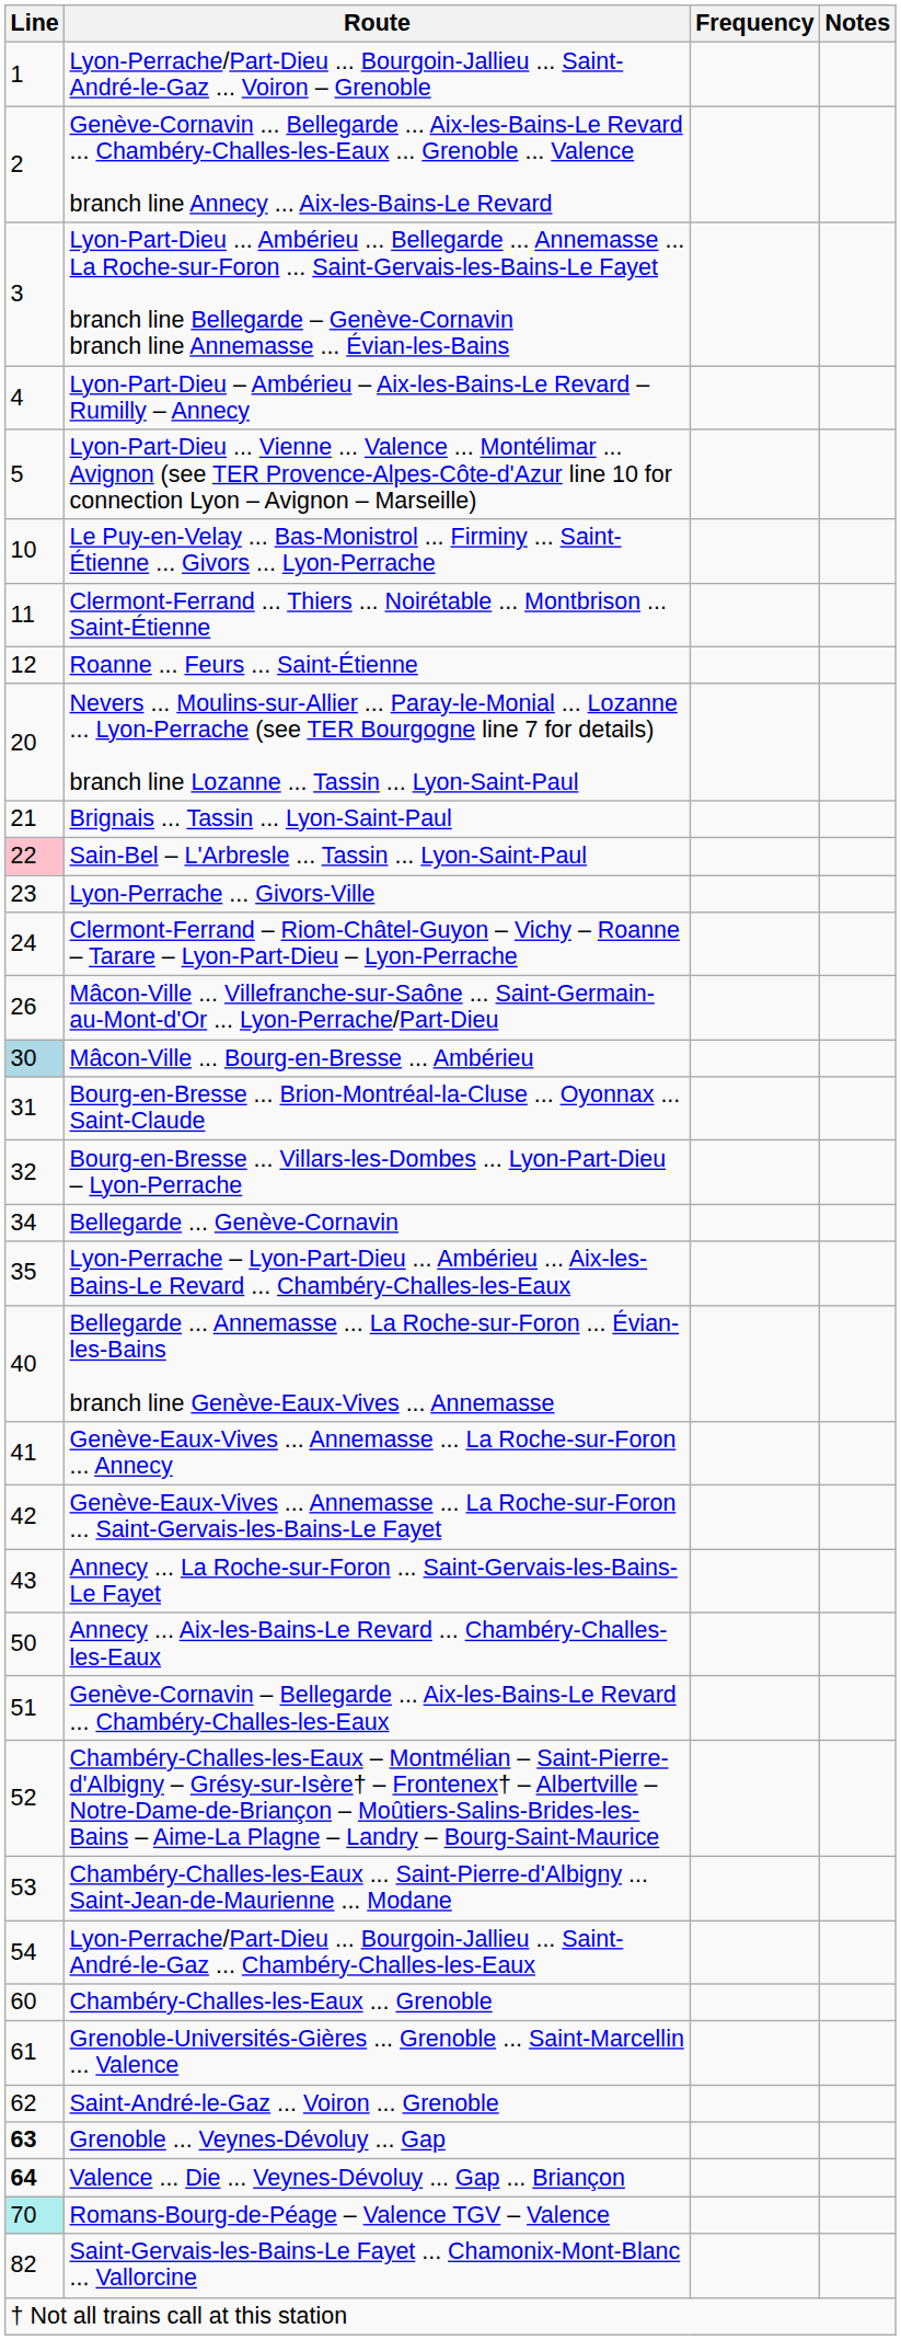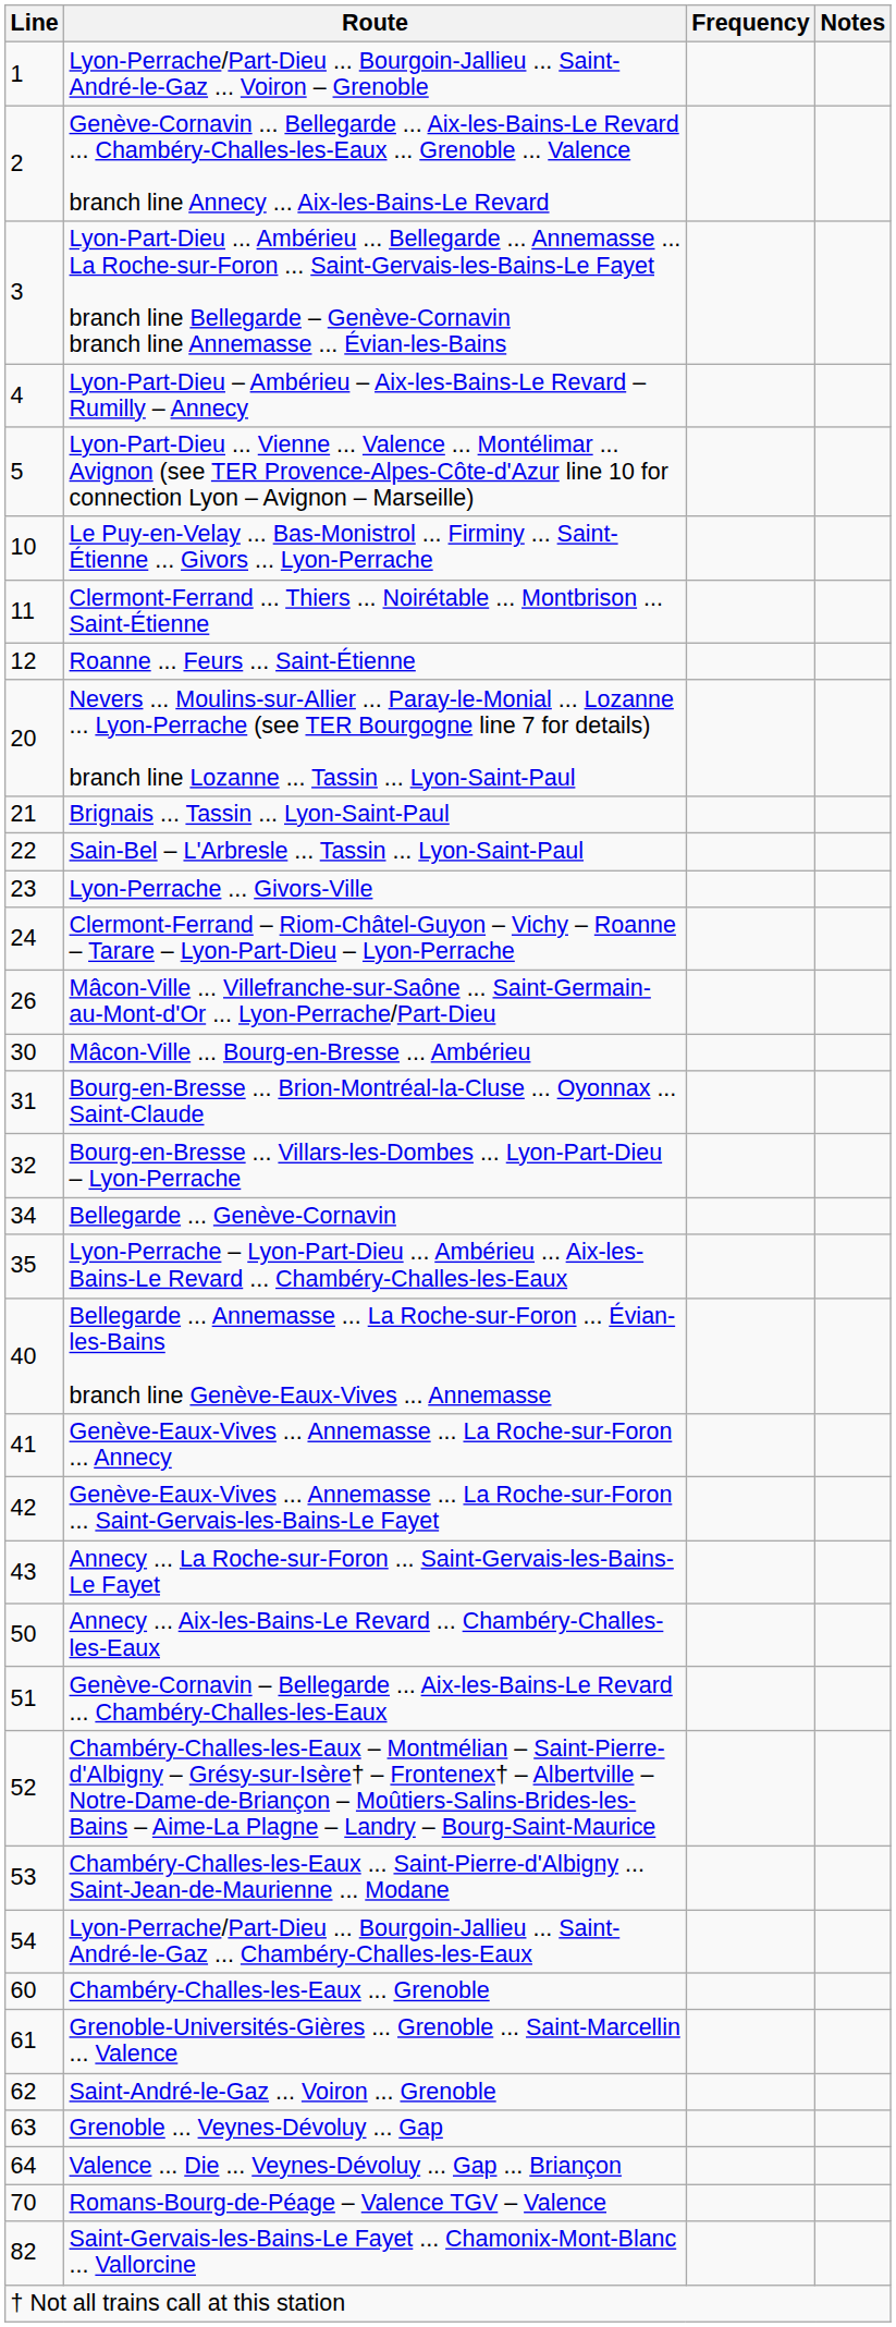 <table class="wikitable vatop">
 <tr>
 <th>Line</th>
 <th>Route</th>
 <th>Frequency</th>
 <th>Notes</th>
 </tr>
 <tr>
 <td>1</td>
 <td><a href='#'>Lyon-Perrache</a>/<a href='#'>Part-Dieu</a> ... <a href='#'>Bourgoin-Jallieu</a> ... <a href='#'>Saint-André-le-Gaz</a> ... <a href='#'>Voiron</a> – <a href='#'>Grenoble</a></td>
 <td></td>
 <td></td>
 </tr>
 <tr>
 <td>2</td>
 <td><a href='#'>Genève-Cornavin</a> ... <a href='#'>Bellegarde</a> ... <a href='#'>Aix-les-Bains-Le Revard</a> ... <a href='#'>Chambéry-Challes-les-Eaux</a> ... <a href='#'>Grenoble</a> ... <a href='#'>Valence</a><br><br>branch line <a href='#'>Annecy</a> ... <a href='#'>Aix-les-Bains-Le Revard</a></td>
 <td></td>
 <td></td>
 </tr>
 <tr>
 <td>3</td>
 <td><a href='#'>Lyon-Part-Dieu</a> ... <a href='#'>Ambérieu</a> ... <a href='#'>Bellegarde</a> ... <a href='#'>Annemasse</a> ... <a href='#'>La Roche-sur-Foron</a> ... <a href='#'>Saint-Gervais-les-Bains-Le Fayet</a><br><br>branch line <a href='#'>Bellegarde</a> – <a href='#'>Genève-Cornavin</a><br> branch line <a href='#'>Annemasse</a> ... <a href='#'>Évian-les-Bains</a></td>
 <td></td>
 <td></td>
 </tr>
 <tr>
 <td>4</td>
 <td><a href='#'>Lyon-Part-Dieu</a> – <a href='#'>Ambérieu</a> – <a href='#'>Aix-les-Bains-Le Revard</a> – <a href='#'>Rumilly</a> – <a href='#'>Annecy</a></td>
 <td></td>
 <td></td>
 </tr>
 <tr>
 <td>5</td>
 <td><a href='#'>Lyon-Part-Dieu</a> ... <a href='#'>Vienne</a> ... <a href='#'>Valence</a> ... <a href='#'>Montélimar</a> ... <a href='#'>Avignon</a> (see <a href='#'>TER Provence-Alpes-Côte-d'Azur</a> line 10 for connection Lyon – Avignon – Marseille)</td>
 <td></td>
 <td></td>
 </tr>
 <tr>
 <td>10</td>
 <td><a href='#'>Le Puy-en-Velay</a> ... <a href='#'>Bas-Monistrol</a> ... <a href='#'>Firminy</a> ... <a href='#'>Saint-Étienne</a> ... <a href='#'>Givors</a> ... <a href='#'>Lyon-Perrache</a></td>
 <td></td>
 <td></td>
 </tr>
 <tr>
 <td>11</td>
 <td><a href='#'>Clermont-Ferrand</a> ... <a href='#'>Thiers</a> ... <a href='#'>Noirétable</a> ... <a href='#'>Montbrison</a> ... <a href='#'>Saint-Étienne</a></td>
 <td></td>
 <td></td>
 </tr>
 <tr>
 <td>12</td>
 <td><a href='#'>Roanne</a> ... <a href='#'>Feurs</a> ... <a href='#'>Saint-Étienne</a></td>
 <td></td>
 <td></td>
 </tr>
 <tr>
 <td>20</td>
 <td><a href='#'>Nevers</a> ... <a href='#'>Moulins-sur-Allier</a> ... <a href='#'>Paray-le-Monial</a> ... <a href='#'>Lozanne</a> ... <a href='#'>Lyon-Perrache</a> (see <a href='#'>TER Bourgogne</a> line 7 for details)<br><br>branch line <a href='#'>Lozanne</a> ... <a href='#'>Tassin</a> ... <a href='#'>Lyon-Saint-Paul</a></td>
 <td></td>
 <td></td>
 </tr>
 <tr>
 <td>21</td>
 <td><a href='#'>Brignais</a> ... <a href='#'>Tassin</a> ... <a href='#'>Lyon-Saint-Paul</a></td>
 <td></td>
 <td></td>
 </tr>
 <tr>
-<td style="background: pink;">22</td>
+<td>22</td>
 <td><a href='#'>Sain-Bel</a> – <a href='#'>L'Arbresle</a> ... <a href='#'>Tassin</a> ... <a href='#'>Lyon-Saint-Paul</a></td>
 <td></td>
 <td></td>
 </tr>
 <tr>
 <td>23</td>
 <td><a href='#'>Lyon-Perrache</a> ... <a href='#'>Givors-Ville</a></td>
 <td></td>
 <td></td>
 </tr>
 <tr>
 <td>24</td>
 <td><a href='#'>Clermont-Ferrand</a> – <a href='#'>Riom-Châtel-Guyon</a> – <a href='#'>Vichy</a> – <a href='#'>Roanne</a> – <a href='#'>Tarare</a> – <a href='#'>Lyon-Part-Dieu</a> – <a href='#'>Lyon-Perrache</a></td>
 <td></td>
 <td></td>
 </tr>
 <tr>
 <td>26</td>
 <td><a href='#'>Mâcon-Ville</a> ... <a href='#'>Villefranche-sur-Saône</a> ... <a href='#'>Saint-Germain-au-Mont-d'Or</a> ... <a href='#'>Lyon-Perrache</a>/<a href='#'>Part-Dieu</a></td>
 <td></td>
 <td></td>
 </tr>
 <tr>
-<td style="background: lightblue;">30</td>
+<td>30</td>
 <td><a href='#'>Mâcon-Ville</a> ... <a href='#'>Bourg-en-Bresse</a> ... <a href='#'>Ambérieu</a></td>
 <td></td>
 <td></td>
 </tr>
 <tr>
 <td>31</td>
 <td><a href='#'>Bourg-en-Bresse</a> ... <a href='#'>Brion-Montréal-la-Cluse</a> ... <a href='#'>Oyonnax</a> ... <a href='#'>Saint-Claude</a></td>
 <td></td>
 <td></td>
 </tr>
 <tr>
 <td>32</td>
 <td><a href='#'>Bourg-en-Bresse</a> ... <a href='#'>Villars-les-Dombes</a> ... <a href='#'>Lyon-Part-Dieu</a> – <a href='#'>Lyon-Perrache</a></td>
 <td></td>
 <td></td>
 </tr>
 <tr>
 <td>34</td>
 <td><a href='#'>Bellegarde</a> ... <a href='#'>Genève-Cornavin</a></td>
 <td></td>
 <td></td>
 </tr>
 <tr>
 <td>35</td>
 <td><a href='#'>Lyon-Perrache</a> – <a href='#'>Lyon-Part-Dieu</a> ... <a href='#'>Ambérieu</a> ... <a href='#'>Aix-les-Bains-Le Revard</a> ... <a href='#'>Chambéry-Challes-les-Eaux</a></td>
 <td></td>
 <td></td>
 </tr>
 <tr>
 <td>40</td>
 <td><a href='#'>Bellegarde</a> ... <a href='#'>Annemasse</a> ... <a href='#'>La Roche-sur-Foron</a> ... <a href='#'>Évian-les-Bains</a><br><br>branch line <a href='#'>Genève-Eaux-Vives</a> ... <a href='#'>Annemasse</a></td>
 <td></td>
 <td></td>
 </tr>
 <tr>
 <td>41</td>
 <td><a href='#'>Genève-Eaux-Vives</a> ... <a href='#'>Annemasse</a> ... <a href='#'>La Roche-sur-Foron</a> ... <a href='#'>Annecy</a></td>
 <td></td>
 <td></td>
 </tr>
 <tr>
 <td>42</td>
 <td><a href='#'>Genève-Eaux-Vives</a> ... <a href='#'>Annemasse</a> ... <a href='#'>La Roche-sur-Foron</a> ... <a href='#'>Saint-Gervais-les-Bains-Le Fayet</a></td>
 <td></td>
 <td></td>
 </tr>
 <tr>
 <td>43</td>
 <td><a href='#'>Annecy</a> ... <a href='#'>La Roche-sur-Foron</a> ... <a href='#'>Saint-Gervais-les-Bains-Le Fayet</a></td>
 <td></td>
 <td></td>
 </tr>
 <tr>
 <td>50</td>
 <td><a href='#'>Annecy</a> ... <a href='#'>Aix-les-Bains-Le Revard</a> ... <a href='#'>Chambéry-Challes-les-Eaux</a></td>
 <td></td>
 <td></td>
 </tr>
 <tr>
 <td>51</td>
 <td><a href='#'>Genève-Cornavin</a> – <a href='#'>Bellegarde</a> ... <a href='#'>Aix-les-Bains-Le Revard</a> ... <a href='#'>Chambéry-Challes-les-Eaux</a></td>
 <td></td>
 <td></td>
 </tr>
 <tr>
 <td>52</td>
 <td><a href='#'>Chambéry-Challes-les-Eaux</a> – <a href='#'>Montmélian</a> – <a href='#'>Saint-Pierre-d'Albigny</a> – <a href='#'>Grésy-sur-Isère</a>† – <a href='#'>Frontenex</a>† – <a href='#'>Albertville</a> – <a href='#'>Notre-Dame-de-Briançon</a> – <a href='#'>Moûtiers-Salins-Brides-les-Bains</a> – <a href='#'>Aime-La Plagne</a> – <a href='#'>Landry</a> – <a href='#'>Bourg-Saint-Maurice</a></td>
 <td></td>
 <td></td>
 </tr>
 <tr>
 <td>53</td>
 <td><a href='#'>Chambéry-Challes-les-Eaux</a> ... <a href='#'>Saint-Pierre-d'Albigny</a> ... <a href='#'>Saint-Jean-de-Maurienne</a> ... <a href='#'>Modane</a></td>
 <td></td>
 <td></td>
 </tr>
 <tr>
 <td>54</td>
 <td><a href='#'>Lyon-Perrache</a>/<a href='#'>Part-Dieu</a> ... <a href='#'>Bourgoin-Jallieu</a> ... <a href='#'>Saint-André-le-Gaz</a> ... <a href='#'>Chambéry-Challes-les-Eaux</a></td>
 <td></td>
 <td></td>
 </tr>
 <tr>
 <td>60</td>
 <td><a href='#'>Chambéry-Challes-les-Eaux</a> ... <a href='#'>Grenoble</a></td>
 <td></td>
 <td></td>
 </tr>
 <tr>
 <td>61</td>
 <td><a href='#'>Grenoble-Universités-Gières</a> ... <a href='#'>Grenoble</a> ... <a href='#'>Saint-Marcellin</a> ... <a href='#'>Valence</a></td>
 <td></td>
 <td></td>
 </tr>
 <tr>
 <td>62</td>
 <td><a href='#'>Saint-André-le-Gaz</a> ... <a href='#'>Voiron</a> ... <a href='#'>Grenoble</a></td>
 <td></td>
 <td></td>
 </tr>
 <tr>
-<td><strong>63</strong></td>
+<td>63</td>
 <td><a href='#'>Grenoble</a> ... <a href='#'>Veynes-Dévoluy</a> ... <a href='#'>Gap</a></td>
 <td></td>
 <td></td>
 </tr>
 <tr>
-<td><strong>64</strong></td>
+<td>64</td>
 <td><a href='#'>Valence</a> ... <a href='#'>Die</a> ... <a href='#'>Veynes-Dévoluy</a> ... <a href='#'>Gap</a> ... <a href='#'>Briançon</a></td>
 <td></td>
 <td></td>
 </tr>
 <tr>
-<td style="background: paleturquoise;">70</td>
+<td>70</td>
 <td><a href='#'>Romans-Bourg-de-Péage</a> – <a href='#'>Valence TGV</a> – <a href='#'>Valence</a></td>
 <td></td>
 <td></td>
 </tr>
 <tr>
 <td>82</td>
 <td><a href='#'>Saint-Gervais-les-Bains-Le Fayet</a> ... <a href='#'>Chamonix-Mont-Blanc</a> ... <a href='#'>Vallorcine</a></td>
 <td></td>
 <td></td>
 </tr>
 <tr>
 <td colspan=4>† Not all trains call at this station</td>
 </tr>
 </table>
